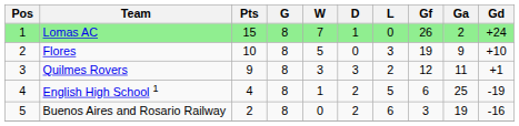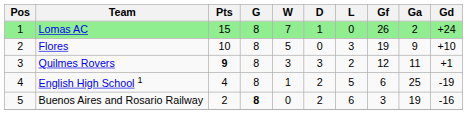 <table class="wikitable" style="text-align:center">
 <tr>
 <th width=40px>Pos</th>
 <th width=250px>Team</th>
 <th width=40px>Pts</th>
 <th width=40px>G</th>
 <th width=40px>W</th>
 <th width=40px>D</th>
 <th width=40px>L</th>
 <th width=40px>Gf</th>
 <th width=40px>Ga</th>
 <th width=40px>Gd</th>
 </tr>
 <tr align=center bgcolor="lightgreen">
 <td>1</td>
 <td align=left><a href='#'>Lomas AC</a></td>
 <td>15</td>
 <td>8</td>
 <td>7</td>
 <td>1</td>
 <td>0</td>
 <td>26</td>
 <td>2</td>
 <td>+24</td>
 </tr>
 <tr>
 <td>2</td>
 <td align=left><a href='#'>Flores</a></td>
 <td>10</td>
 <td>8</td>
 <td>5</td>
 <td>0</td>
 <td>3</td>
 <td>19</td>
 <td>9</td>
 <td>+10</td>
 </tr>
 <tr>
 <td>3</td>
 <td align=left><a href='#'>Quilmes Rovers</a></td>
-<td>9</td>
+<td><strong>9</strong></td>
 <td>8</td>
 <td>3</td>
 <td>3</td>
 <td>2</td>
 <td>12</td>
 <td>11</td>
 <td>+1</td>
 </tr>
 <tr>
 <td>4</td>
 <td align=left><a href='#'>English High School</a> <sup>1</sup></td>
 <td>4</td>
 <td>8</td>
 <td>1</td>
 <td>2</td>
 <td>5</td>
 <td>6</td>
 <td>25</td>
 <td>-19</td>
 </tr>
 <tr>
 <td>5</td>
 <td align=left>Buenos Aires and Rosario Railway</td>
 <td>2</td>
-<td>8</td>
+<td><strong>8</strong></td>
 <td>0</td>
 <td>2</td>
 <td>6</td>
 <td>3</td>
 <td>19</td>
 <td>-16</td>
 </tr>
 <tr>
 </tr>
 </table>
